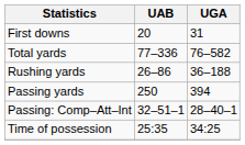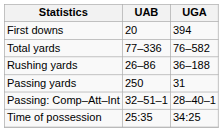 <table class="wikitable" style="float: left;">
 <tr>
 <th>Statistics</th>
 <th>UAB</th>
 <th>UGA</th>
 </tr>
 <tr>
 <td>First downs</td>
 <td>20</td>
-<td>31</td>
+<td>394</td>
 </tr>
 <tr>
 <td>Total yards</td>
 <td>77–336</td>
 <td>76–582</td>
 </tr>
 <tr>
 <td>Rushing yards</td>
 <td>26–86</td>
 <td>36–188</td>
 </tr>
 <tr>
 <td>Passing yards</td>
 <td>250</td>
-<td>394</td>
+<td>31</td>
 </tr>
 <tr>
 <td>Passing: Comp–Att–Int</td>
 <td>32–51–1</td>
 <td>28–40–1</td>
 </tr>
 <tr>
 <td>Time of possession</td>
 <td>25:35</td>
 <td>34:25</td>
 </tr>
 <tr>
 </tr>
 </table>
